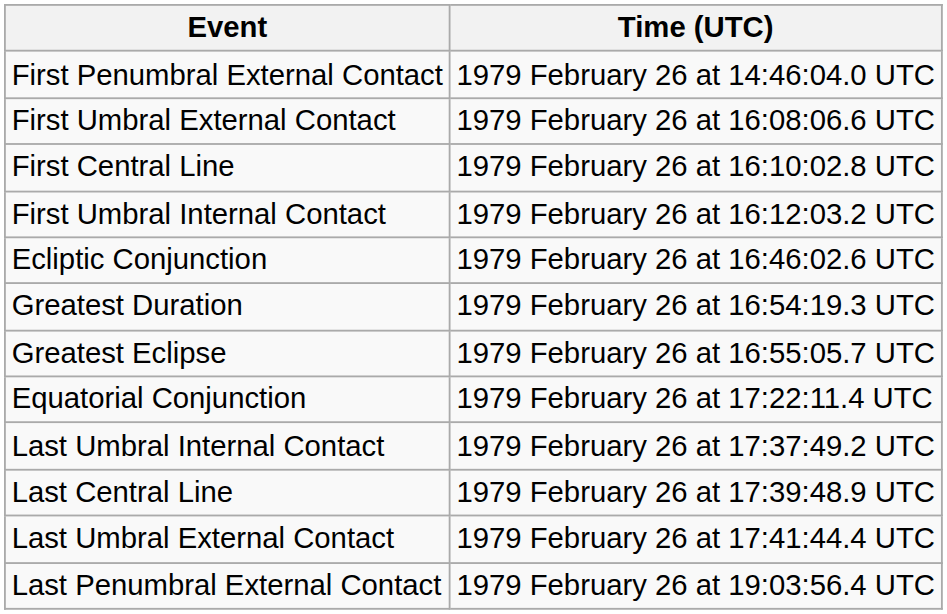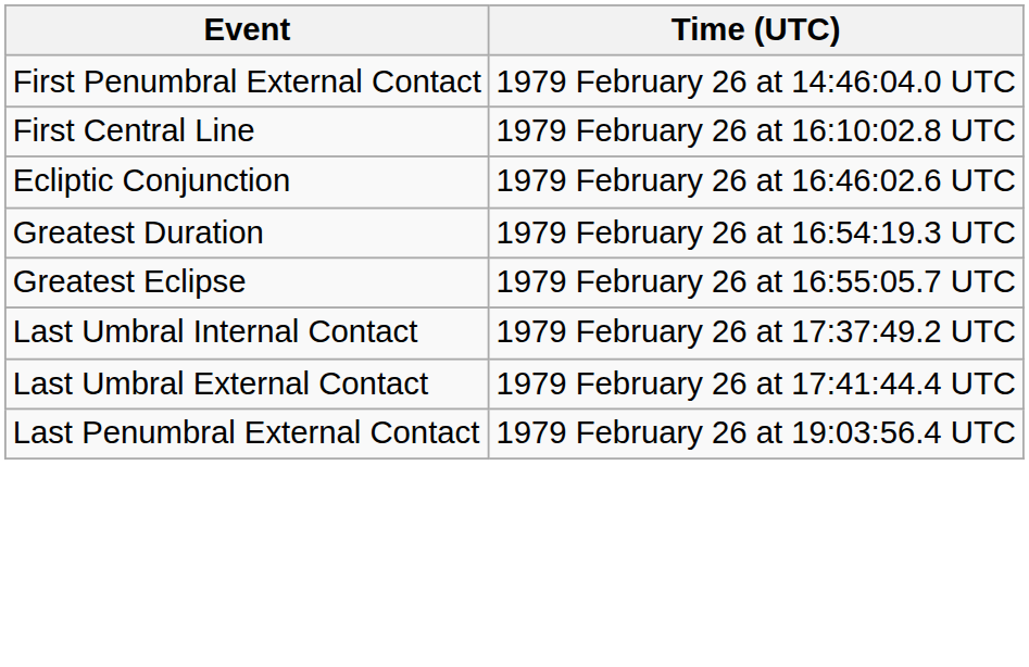 <table class="wikitable">
 <tr>
 <th>Event</th>
 <th>Time (UTC)</th>
 </tr>
 <tr>
 <td>First Penumbral External Contact</td>
 <td>1979 February 26 at 14:46:04.0 UTC</td>
 </tr>
 <tr>
-<td>First Umbral External Contact</td>
-<td>1979 February 26 at 16:08:06.6 UTC</td>
-</tr>
-<tr>
 <td>First Central Line</td>
 <td>1979 February 26 at 16:10:02.8 UTC</td>
-</tr>
-<tr>
-<td>First Umbral Internal Contact</td>
-<td>1979 February 26 at 16:12:03.2 UTC</td>
 </tr>
 <tr>
 <td>Ecliptic Conjunction</td>
 <td>1979 February 26 at 16:46:02.6 UTC</td>
 </tr>
 <tr>
 <td>Greatest Duration</td>
 <td>1979 February 26 at 16:54:19.3 UTC</td>
 </tr>
 <tr>
 <td>Greatest Eclipse</td>
 <td>1979 February 26 at 16:55:05.7 UTC</td>
 </tr>
 <tr>
-<td>Equatorial Conjunction</td>
-<td>1979 February 26 at 17:22:11.4 UTC</td>
-</tr>
-<tr>
 <td>Last Umbral Internal Contact</td>
 <td>1979 February 26 at 17:37:49.2 UTC</td>
-</tr>
-<tr>
-<td>Last Central Line</td>
-<td>1979 February 26 at 17:39:48.9 UTC</td>
 </tr>
 <tr>
 <td>Last Umbral External Contact</td>
 <td>1979 February 26 at 17:41:44.4 UTC</td>
 </tr>
 <tr>
 <td>Last Penumbral External Contact</td>
 <td>1979 February 26 at 19:03:56.4 UTC</td>
 </tr>
 </table>
